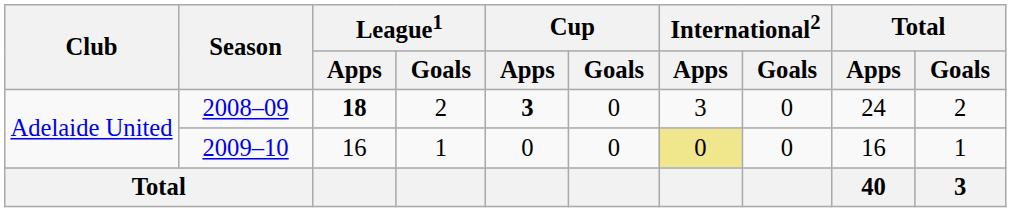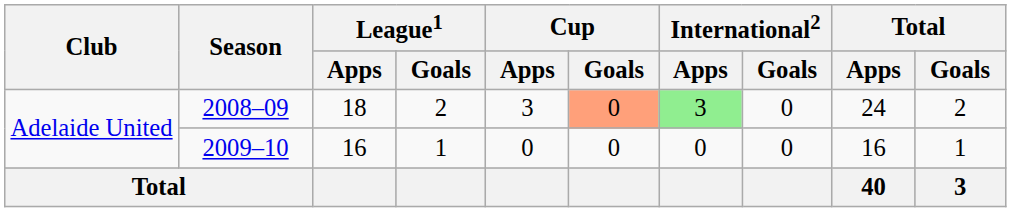 <table class="wikitable" style="text-align: center;">
 <tr>
 <th rowspan="2">Club</th>
 <th rowspan="2" width="80">Season</th>
 <th colspan="2" width="105">League<sup>1</sup></th>
 <th colspan="2" width="105">Cup</th>
 <th colspan="2" width="105">International<sup>2</sup></th>
 <th colspan="2" width="105">Total</th>
 </tr>
 <tr>
 <th>Apps</th>
 <th>Goals</th>
 <th>Apps</th>
 <th>Goals</th>
 <th>Apps</th>
 <th>Goals</th>
 <th>Apps</th>
 <th>Goals</th>
 </tr>
 <tr>
 <td rowspan="2" valign="center"><a href='#'>Adelaide United</a></td>
 <td><a href='#'>2008–09</a></td>
-<td><strong>18</strong></td>
+<td>18</td>
 <td>2</td>
-<td><strong>3</strong></td>
-<td>0</td>
 <td>3</td>
+<td style="background: lightsalmon;">0</td>
+<td style="background: lightgreen;">3</td>
 <td>0</td>
 <td>24</td>
 <td>2</td>
 </tr>
 <tr>
 <td><a href='#'>2009–10</a></td>
 <td>16</td>
 <td>1</td>
 <td>0</td>
 <td>0</td>
-<td style="background: khaki;">0</td>
+<td>0</td>
 <td>0</td>
 <td>16</td>
 <td>1</td>
 </tr>
 <tr>
 <th colspan="2">Total</th>
 <th></th>
 <th></th>
 <th></th>
 <th></th>
 <th></th>
 <th></th>
 <th>40</th>
 <th>3</th>
 </tr>
 </table>
